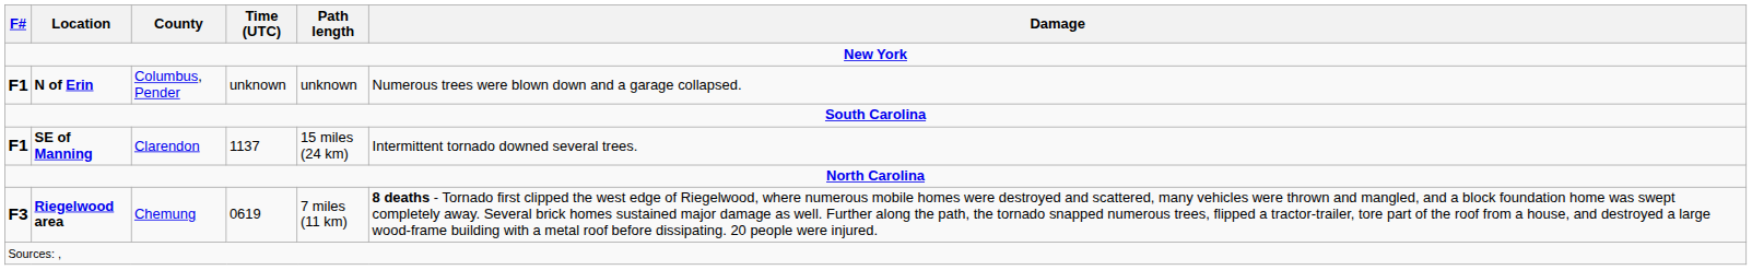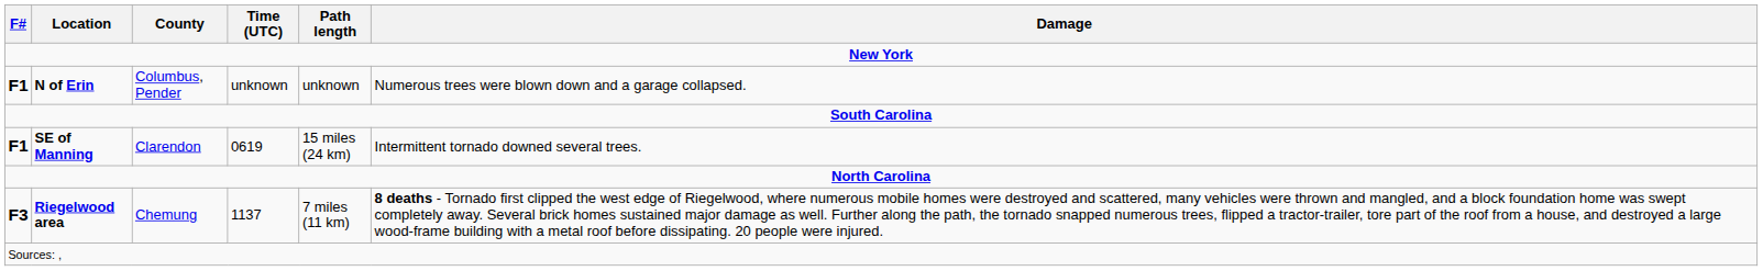 <table class="wikitable">
 <tr>
 <th><strong><a href='#'>F#</a></strong></th>
 <th><strong>Location</strong></th>
 <th><strong>County</strong></th>
 <th><strong>Time (UTC)</strong></th>
 <th><strong>Path length</strong></th>
 <th><strong>Damage</strong></th>
 </tr>
 <tr>
 <td colspan="7" align=center><strong><a href='#'>New York</a></strong></td>
 </tr>
 <tr>
 <td><big><strong>F1</strong></big></td>
 <td><strong>N of <a href='#'>Erin</a></strong></td>
 <td><a href='#'>Columbus</a>, <a href='#'>Pender</a></td>
 <td>unknown</td>
 <td>unknown</td>
 <td>Numerous trees were blown down and a garage collapsed.</td>
 </tr>
 <tr>
 <td colspan="7" align=center><strong><a href='#'>South Carolina</a></strong></td>
 </tr>
 <tr>
 <td><big><strong>F1</strong></big></td>
 <td><strong>SE of <a href='#'>Manning</a></strong></td>
 <td><a href='#'>Clarendon</a></td>
-<td>1137</td>
+<td>0619</td>
 <td>15 miles <br>(24 km)</td>
 <td>Intermittent tornado downed several trees.</td>
 </tr>
 <tr>
 <td colspan="7" align=center><strong><a href='#'>North Carolina</a></strong></td>
 </tr>
 <tr>
 <td><big><strong>F3</strong></big></td>
 <td><strong><a href='#'>Riegelwood</a> area</strong></td>
 <td><a href='#'>Chemung</a></td>
-<td>0619</td>
+<td>1137</td>
 <td>7 miles <br>(11 km)</td>
 <td><strong>8 deaths</strong> - Tornado first clipped the west edge of Riegelwood, where numerous mobile homes were destroyed and scattered, many vehicles were thrown and mangled, and a block foundation home was swept completely away. Several brick homes sustained major damage as well. Further along the path, the tornado snapped numerous trees, flipped a tractor-trailer, tore part of the roof from a house, and destroyed a large wood-frame building with a metal roof before dissipating. 20 people were injured.</td>
 </tr>
 <tr>
 <td colspan="7"><small>Sources: , </small></td>
 </tr>
 </table>
